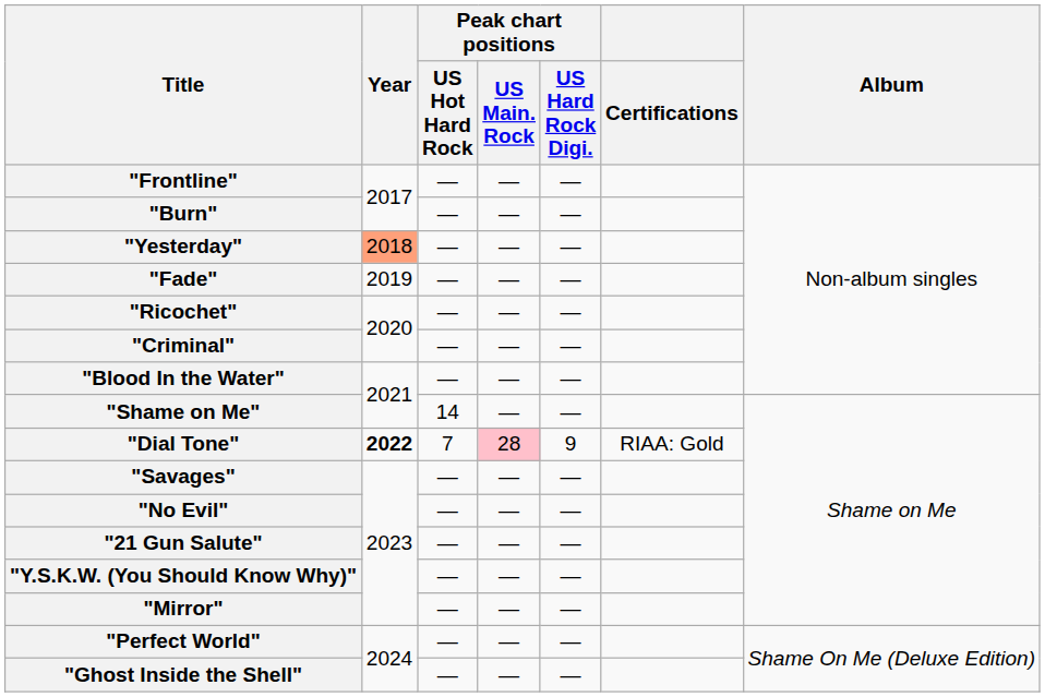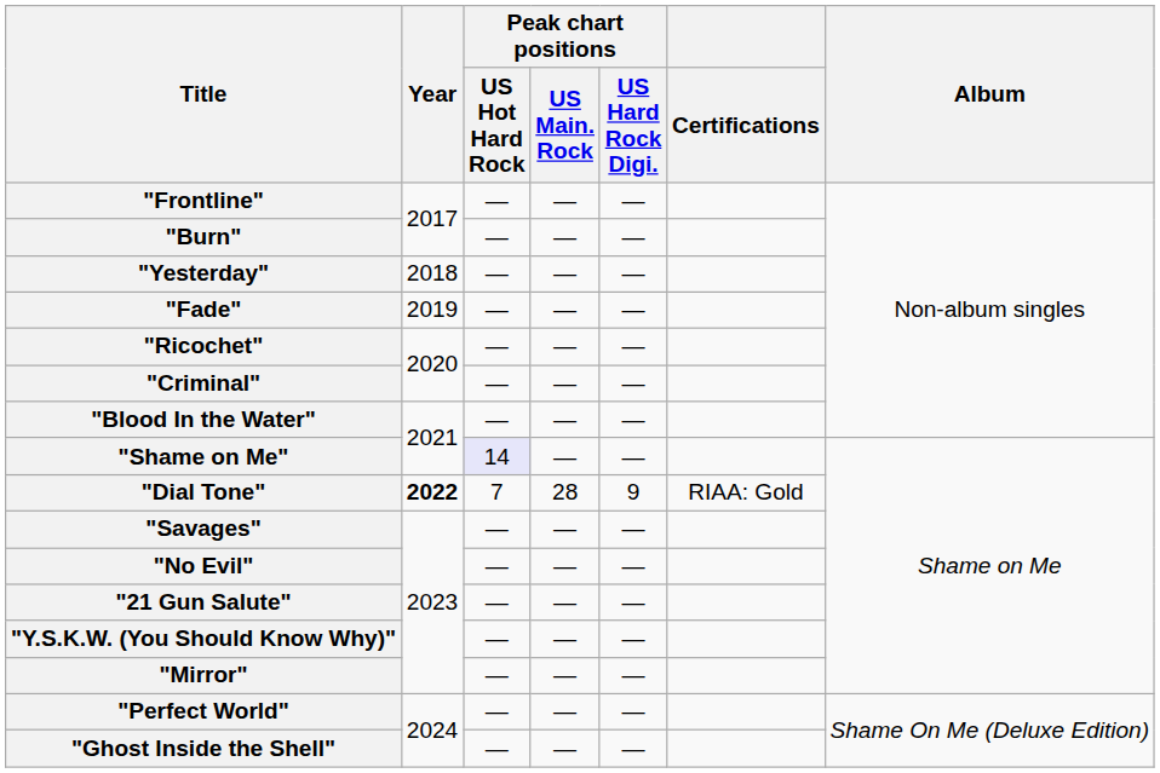 <table class="wikitable plainrowheaders" style="text-align:center;">
 <tr>
 <th scope="col" rowspan="2">Title</th>
 <th scope="col" rowspan="2">Year</th>
 <th scope="col" colspan="3">Peak chart positions</th>
 <th></th>
 <th rowspan="2" scope="col">Album</th>
 </tr>
 <tr>
 <th scope="col" style="width:30px;">US Hot Hard Rock<br></th>
 <th scope="col" style="width:30px;"><a href='#'>US<br>Main.<br>Rock</a><br></th>
 <th scope="col" style="width:30px;"><a href='#'>US<br>Hard<br>Rock<br>Digi.</a></th>
 <th>Certifications</th>
 </tr>
 <tr>
 <th scope="row">"Frontline"</th>
 <td rowspan="2">2017</td>
 <td>—</td>
 <td>—</td>
 <td>—</td>
 <td></td>
 <td rowspan="7">Non-album singles</td>
 </tr>
 <tr>
 <th scope="row">"Burn"</th>
 <td>—</td>
 <td>—</td>
 <td>—</td>
 <td></td>
 </tr>
 <tr>
 <th scope="row">"Yesterday"</th>
-<td style="background: lightsalmon;">2018</td>
+<td>2018</td>
 <td>—</td>
 <td>—</td>
 <td>—</td>
 <td></td>
 </tr>
 <tr>
 <th scope="row">"Fade"</th>
 <td>2019</td>
 <td>—</td>
 <td>—</td>
 <td>—</td>
 <td></td>
 </tr>
 <tr>
 <th scope="row">"Ricochet"</th>
 <td rowspan="2">2020</td>
 <td>—</td>
 <td>—</td>
 <td>—</td>
 <td></td>
 </tr>
 <tr>
 <th scope="row">"Criminal"</th>
 <td>—</td>
 <td>—</td>
 <td>—</td>
 <td></td>
 </tr>
 <tr>
 <th scope="row">"Blood In the Water"</th>
 <td rowspan="2">2021</td>
 <td>—</td>
 <td>—</td>
 <td>—</td>
 <td></td>
 </tr>
 <tr>
 <th scope="row">"Shame on Me"</th>
-<td>14</td>
+<td style="background: lavender;">14</td>
 <td>—</td>
 <td>—</td>
 <td></td>
 <td rowspan="7"><em>Shame on Me</em></td>
 </tr>
 <tr>
 <th scope="row">"Dial Tone"</th>
 <td><strong>2022</strong></td>
 <td>7</td>
-<td style="background: pink;">28</td>
+<td>28</td>
 <td>9</td>
 <td>RIAA: Gold</td>
 </tr>
 <tr>
 <th scope="row">"Savages"</th>
 <td rowspan="5">2023</td>
 <td>—</td>
 <td>—</td>
 <td>—</td>
 <td></td>
 </tr>
 <tr>
 <th scope="row">"No Evil"</th>
 <td>—</td>
 <td>—</td>
 <td>—</td>
 <td></td>
 </tr>
 <tr>
 <th scope="row">"21 Gun Salute"</th>
 <td>—</td>
 <td>—</td>
 <td>—</td>
 <td></td>
 </tr>
 <tr>
 <th scope="row">"Y.S.K.W. (You Should Know Why)"</th>
 <td>—</td>
 <td>—</td>
 <td>—</td>
 <td></td>
 </tr>
 <tr>
 <th scope="row">"Mirror"</th>
 <td>—</td>
 <td>—</td>
 <td>—</td>
 <td></td>
 </tr>
 <tr>
 <th scope="row">"Perfect World"</th>
 <td rowspan="2">2024</td>
 <td>—</td>
 <td>—</td>
 <td>—</td>
 <td></td>
 <td rowspan="2"><em>Shame On Me (Deluxe Edition)</em></td>
 </tr>
 <tr>
 <th scope="row">"Ghost Inside the Shell"</th>
 <td>—</td>
 <td>—</td>
 <td>—</td>
 <td></td>
 </tr>
 </table>
